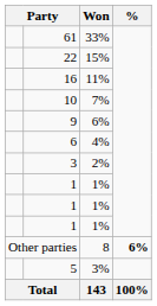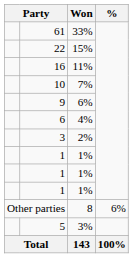 <table class=wikitable style="text-align:right;">
 <tr>
 <th colspan=2>Party</th>
 <th>Won</th>
 <th>%</th>
 </tr>
 <tr>
 <td></td>
 <td>61</td>
 <td>33%</td>
 </tr>
 <tr>
 <td></td>
 <td>22</td>
 <td>15%</td>
 </tr>
 <tr>
 <td></td>
 <td>16</td>
 <td>11%</td>
 </tr>
 <tr>
 <td></td>
 <td>10</td>
 <td>7%</td>
 </tr>
 <tr>
 <td></td>
 <td>9</td>
 <td>6%</td>
 </tr>
 <tr>
 <td></td>
 <td>6</td>
 <td>4%</td>
 </tr>
 <tr>
 <td></td>
 <td>3</td>
 <td>2%</td>
 </tr>
 <tr>
 <td></td>
 <td>1</td>
 <td>1%</td>
 </tr>
 <tr>
 <td></td>
 <td>1</td>
 <td>1%</td>
 </tr>
 <tr>
 <td></td>
 <td>1</td>
 <td>1%</td>
 </tr>
 <tr>
 <td colspan=2 align=left>Other parties</td>
 <td>8</td>
-<td><strong>6%</strong></td>
+<td>6%</td>
 </tr>
 <tr>
 <td></td>
 <td>5</td>
 <td>3%</td>
 </tr>
 <tr>
 <th colspan=2>Total</th>
 <th>143</th>
 <th>100%</th>
 </tr>
 </table>
